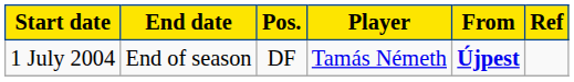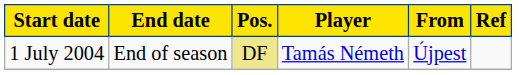 <table class="wikitable plainrowheaders sortable">
 <tr>
 <th style="background-color:#FDE500;color:black;border:1px solid #004292">Start date</th>
 <th style="background-color:#FDE500;color:black;border:1px solid #004292">End date</th>
 <th style="background-color:#FDE500;color:black;border:1px solid #004292">Pos.</th>
 <th style="background-color:#FDE500;color:black;border:1px solid #004292">Player</th>
 <th style="background-color:#FDE500;color:black;border:1px solid #004292">From</th>
 <th style="background-color:#FDE500;color:black;border:1px solid #004292">Ref</th>
 </tr>
 <tr>
 <td>1 July 2004</td>
 <td style="text-align:center;">End of season</td>
-<td style="text-align:center;">DF</td>
+<td style="background: khaki; text-align:center;">DF</td>
 <td style="text-align:left;"> <a href='#'>Tamás Németh</a></td>
-<td style="text-align:left;"><strong><a href='#'>Újpest</a></strong></td>
+<td style="text-align:left;"><a href='#'>Újpest</a></td>
 <td></td>
 </tr>
 <tr>
 </tr>
 </table>
